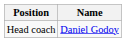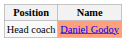 <table class="wikitable">
 <tr>
 <th>Position</th>
 <th>Name</th>
 </tr>
 <tr>
 <td>Head coach</td>
-<td> <a href='#'>Daniel Godoy</a></td>
+<td style="background: lightsalmon;"> <a href='#'>Daniel Godoy</a></td>
 </tr>
 </table>
